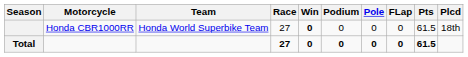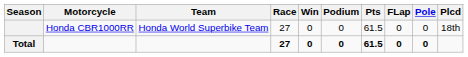 <table class="wikitable" style="text-align:center; font-size:97%;">
 <tr>
 <th>Season</th>
 <th>Motorcycle</th>
 <th>Team</th>
 <th>Race</th>
 <th>Win</th>
 <th>Podium</th>
+<th>Pts</th>
+<th>FLap</th>
 <th><a href='#'>Pole</a></th>
-<th>FLap</th>
-<th>Pts</th>
 <th>Plcd</th>
 </tr>
 <tr>
 <th></th>
 <td align="left"><a href='#'>Honda CBR1000RR</a></td>
 <td><a href='#'>Honda World Superbike Team</a></td>
 <td>27</td>
-<td><strong>0</strong></td>
-<td>0</td>
 <td>0</td>
 <td>0</td>
 <td>61.5</td>
+<td>0</td>
+<td>0</td>
 <td>18th</td>
 </tr>
 <tr>
 <th>Total</th>
 <td></td>
 <td></td>
 <td><strong>27</strong></td>
 <td><strong>0</strong></td>
 <td><strong>0</strong></td>
+<td><strong>61.5</strong></td>
 <td><strong>0</strong></td>
 <td><strong>0</strong></td>
-<td><strong>61.5</strong></td>
 <td></td>
 </tr>
 </table>
